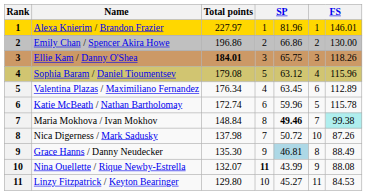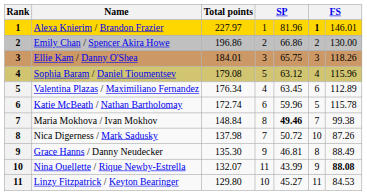 <table class="wikitable sortable">
 <tr>
 <th>Rank</th>
 <th>Name</th>
 <th>Total points</th>
 <th colspan="2" width="80px"><a href='#'>SP</a></th>
 <th colspan="2" width="80px"><a href='#'>FS</a></th>
 </tr>
 <tr bgcolor="gold">
 <td align="center"><strong>1</strong></td>
 <td><a href='#'>Alexa Knierim</a> / <a href='#'>Brandon Frazier</a></td>
 <td align="center">227.97</td>
 <td align="center">1</td>
 <td align="center">81.96</td>
-<td align="center">1</td>
+<td align="center"><strong>1</strong></td>
 <td align="center">146.01</td>
 </tr>
 <tr bgcolor="silver">
 <td align="center"><strong>2</strong></td>
 <td><a href='#'>Emily Chan</a> / <a href='#'>Spencer Akira Howe</a></td>
 <td align="center">196.86</td>
 <td align="center">2</td>
 <td align="center">66.86</td>
 <td align="center">2</td>
 <td align="center">130.00</td>
 </tr>
 <tr bgcolor="cc9966">
 <td align="center"><strong>3</strong></td>
 <td><a href='#'>Ellie Kam</a> / <a href='#'>Danny O'Shea</a></td>
-<td align="center"><strong>184.01</strong></td>
+<td align="center">184.01</td>
 <td align="center">3</td>
 <td align="center">65.75</td>
 <td align="center">3</td>
 <td align="center">118.26</td>
 </tr>
 <tr bgcolor="#d1c571">
 <td align="center"><strong>4</strong></td>
 <td><a href='#'>Sophia Baram</a> / <a href='#'>Daniel Tioumentsev</a></td>
 <td align="center">179.08</td>
 <td align="center">5</td>
 <td align="center">63.12</td>
 <td align="center">4</td>
 <td align="center">115.96</td>
 </tr>
 <tr>
 <th>5</th>
 <td><a href='#'>Valentina Plazas</a> / <a href='#'>Maximiliano Fernandez</a></td>
 <td align="center">176.34</td>
 <td align="center">4</td>
 <td align="center">63.45</td>
 <td align="center">6</td>
 <td align="center">112.89</td>
 </tr>
 <tr>
 <th>6</th>
 <td><a href='#'>Katie McBeath</a> / <a href='#'>Nathan Bartholomay</a></td>
 <td align="center">172.74</td>
 <td align="center">6</td>
 <td align="center">59.96</td>
 <td align="center">5</td>
 <td align="center">115.78</td>
 </tr>
 <tr>
 <th>7</th>
 <td>Maria Mokhova / Ivan Mokhov</td>
 <td align="center">148.84</td>
 <td align="center">8</td>
 <td align="center"><strong>49.46</strong></td>
 <td align="center">7</td>
-<td align="center" style="background: paleturquoise;">99.38</td>
+<td align="center">99.38</td>
 </tr>
 <tr>
 <th>8</th>
 <td>Nica Digerness / <a href='#'>Mark Sadusky</a></td>
 <td align="center">137.98</td>
 <td align="center">7</td>
 <td align="center">50.72</td>
 <td align="center">10</td>
 <td align="center">87.26</td>
 </tr>
 <tr>
 <th>9</th>
 <td><a href='#'>Grace Hanns</a> / Danny Neudecker</td>
 <td align="center">135.30</td>
 <td align="center">9</td>
-<td align="center" style="background: lightblue;">46.81</td>
+<td align="center">46.81</td>
 <td align="center">8</td>
 <td align="center">88.49</td>
 </tr>
 <tr>
 <th>10</th>
 <td><a href='#'>Nina Ouellette</a> / <a href='#'>Rique Newby-Estrella</a></td>
 <td align="center">132.07</td>
-<td align="center"><strong>11</strong></td>
+<td align="center">11</td>
 <td align="center">43.99</td>
 <td align="center">9</td>
-<td align="center">88.08</td>
+<td align="center"><strong>88.08</strong></td>
 </tr>
 <tr>
 <th>11</th>
 <td><a href='#'>Linzy Fitzpatrick</a> / <a href='#'>Keyton Bearinger</a></td>
 <td align="center">129.80</td>
 <td align="center">10</td>
 <td align="center">45.27</td>
 <td align="center">11</td>
 <td align="center">84.53</td>
 </tr>
 </table>
